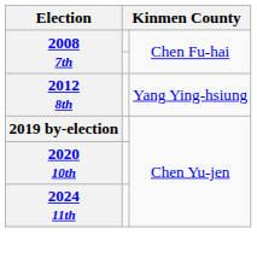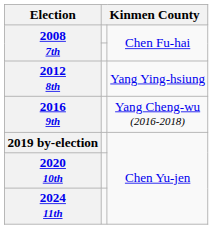 <table class="wikitable" align="center" style="text-align:center">
 <tr>
 <th>Election</th>
 <th colspan="2" width="80px">Kinmen County</th>
 </tr>
 <tr>
 <th rowspan=2><a href='#'>2008</a><br><small><em><a href='#'>7th</a></em></small><br></th>
 <td style="color:inherit;background:"></td>
 <td rowspan=2><a href='#'>Chen Fu-hai</a></td>
 </tr>
 <tr>
 <td style="color:inherit;background:"></td>
 </tr>
 <tr>
 <th><a href='#'>2012</a><br><small><em><a href='#'>8th</a></em></small><br></th>
 <td style="color:inherit;background:"></td>
 <td><a href='#'>Yang Ying-hsiung</a></td>
 </tr>
 <tr>
+<th><a href='#'>2016</a><br><small><em><a href='#'>9th</a></em></small><br></th>
+<td style="color:inherit;background:"></td>
+<td><a href='#'>Yang Cheng-wu</a><br><small><em>(2016-2018)</em></small><br></td>
+</tr>
+<tr>
 <th>2019 by-election</th>
 <td style="color:inherit;background:"></td>
 <td rowspan="3"><a href='#'>Chen Yu-jen</a></td>
 </tr>
 <tr>
 <th><a href='#'>2020</a><br><small><em><a href='#'>10th</a></em></small><br></th>
 <td style="color:inherit;background:"></td>
 </tr>
 <tr>
 <th><a href='#'>2024</a><br><small><em><a href='#'>11th</a></em></small><br></th>
 </tr>
 </table>
